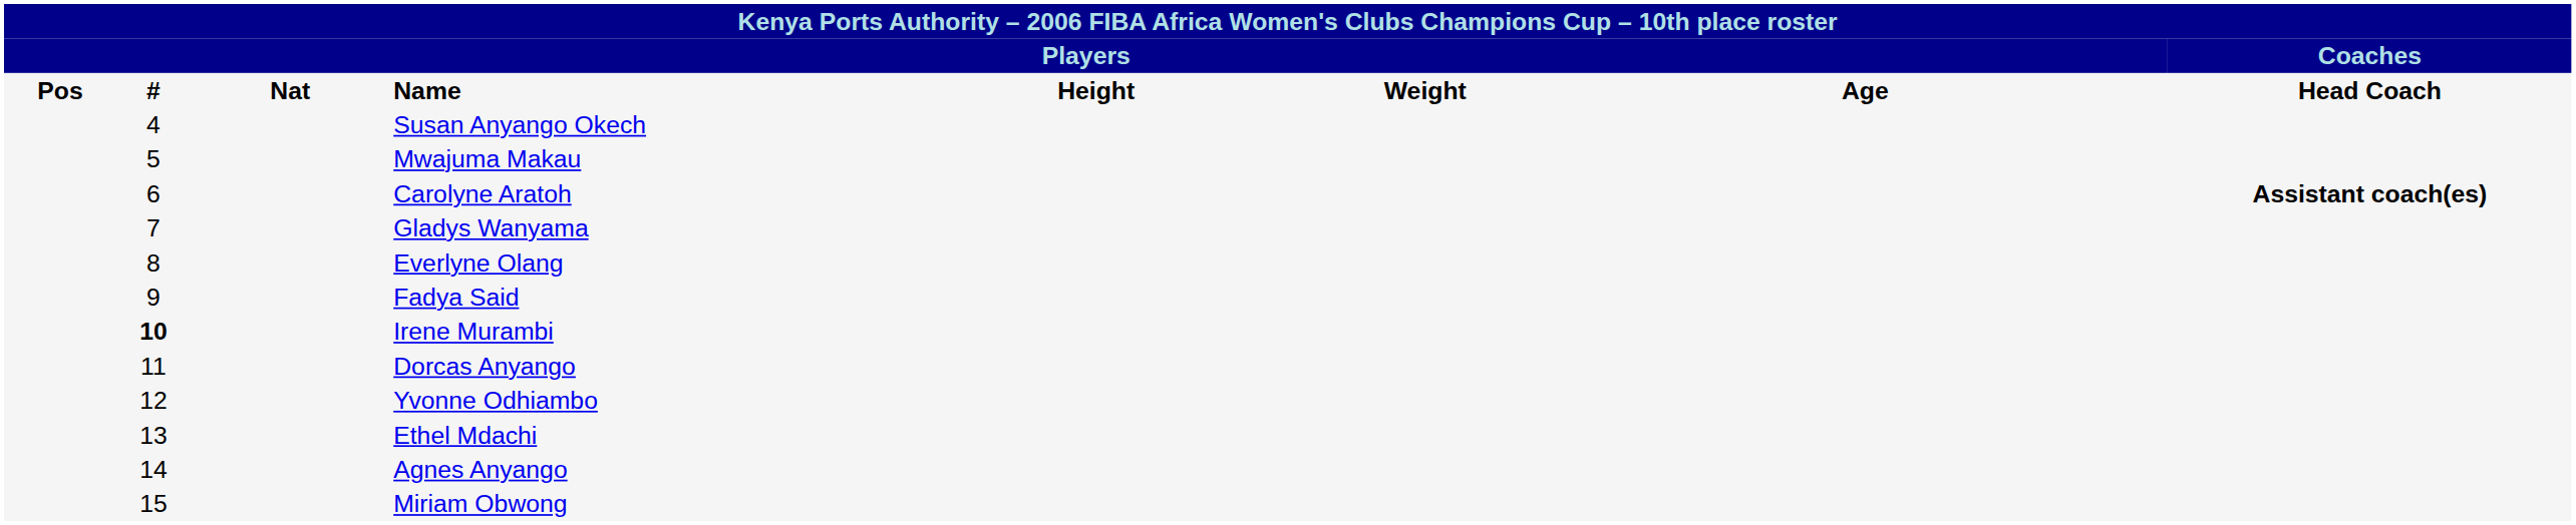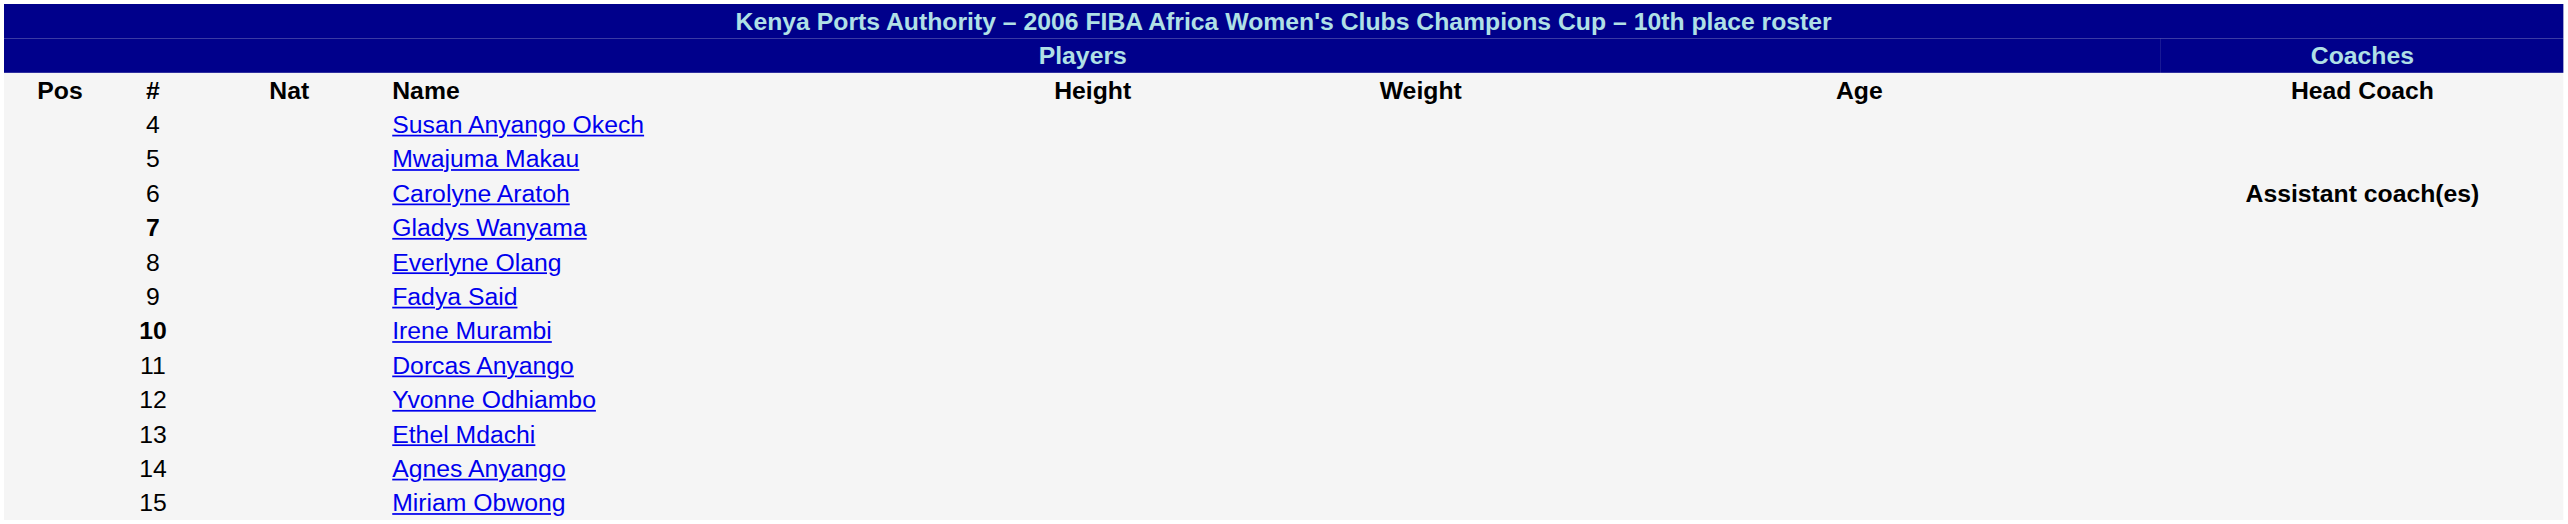 <table border=0 cellpadding=2 cellspacing=0  |- bgcolor=#f5f5f5 style="text-align:center; font-size:90%;" width=75%>
 <tr>
 <td colspan="8" style="background: #00008b; color: #b0e0e6"><strong>Kenya Ports Authority – 2006 FIBA Africa Women's Clubs Champions Cup – 10th place roster</strong></td>
 </tr>
 <tr>
 <td colspan="7" style="background: #00008b; color: #b0e0e6"><strong>Players</strong></td>
 <td style="background: #00008b; color: #b0e0e6"><strong>Coaches</strong></td>
 </tr>
 <tr style="background=#f5f5f5; color: black">
 <th width=5px>Pos</th>
 <th width=5px>#</th>
 <th width=50px>Nat</th>
 <th width=135px align=left>Name</th>
 <th width=100px>Height</th>
 <th width=70px>Weight</th>
 <th width=160px>Age</th>
 <th width=105px>Head Coach</th>
 </tr>
 <tr>
 <td></td>
 <td>4</td>
 <td></td>
 <td align=left><a href='#'>Susan Anyango Okech</a></td>
 <td></td>
 <td></td>
 <td><span></span></td>
 <td></td>
 </tr>
 <tr>
 <td></td>
 <td>5</td>
 <td></td>
 <td align=left><a href='#'>Mwajuma Makau</a></td>
 <td></td>
 <td></td>
 <td><span></span></td>
 </tr>
 <tr>
 <td></td>
 <td>6</td>
 <td></td>
 <td align=left><a href='#'>Carolyne Aratoh</a></td>
 <td></td>
 <td></td>
 <td><span></span></td>
 <td><strong>Assistant coach(es)</strong></td>
 </tr>
 <tr>
 <td></td>
-<td>7</td>
+<td><strong>7</strong></td>
 <td></td>
 <td align=left><a href='#'>Gladys Wanyama</a></td>
 <td></td>
 <td></td>
 <td><span></span></td>
 <td></td>
 </tr>
 <tr>
 <td></td>
 <td>8</td>
 <td></td>
 <td align=left><a href='#'>Everlyne Olang</a></td>
 <td></td>
 <td></td>
 <td><span></span></td>
 <td></td>
 </tr>
 <tr>
 <td></td>
 <td>9</td>
 <td></td>
 <td align=left><a href='#'>Fadya Said</a></td>
 <td></td>
 <td></td>
 <td><span></span></td>
 </tr>
 <tr>
 <td></td>
 <td><strong>10</strong></td>
 <td></td>
 <td align=left><a href='#'>Irene Murambi</a></td>
 <td></td>
 <td></td>
 <td><span></span></td>
 </tr>
 <tr>
 <td></td>
 <td>11</td>
 <td></td>
 <td align=left><a href='#'>Dorcas Anyango</a></td>
 <td></td>
 <td></td>
 <td><span></span></td>
 </tr>
 <tr>
 <td></td>
 <td>12</td>
 <td></td>
 <td align=left><a href='#'>Yvonne Odhiambo</a></td>
 <td></td>
 <td></td>
 <td><span></span></td>
 </tr>
 <tr>
 <td></td>
 <td>13</td>
 <td></td>
 <td align=left><a href='#'>Ethel Mdachi</a></td>
 <td></td>
 <td></td>
 <td><span></span></td>
 </tr>
 <tr>
 <td></td>
 <td>14</td>
 <td></td>
 <td align=left><a href='#'>Agnes Anyango</a></td>
 <td></td>
 <td></td>
 <td><span></span></td>
 </tr>
 <tr>
 <td></td>
 <td>15</td>
 <td></td>
 <td align=left><a href='#'>Miriam Obwong</a></td>
 <td></td>
 <td></td>
 <td><span></span></td>
 </tr>
 </table>
